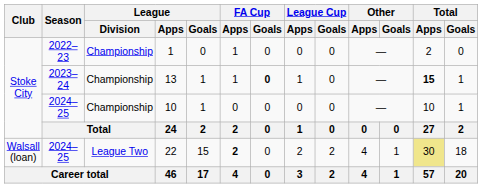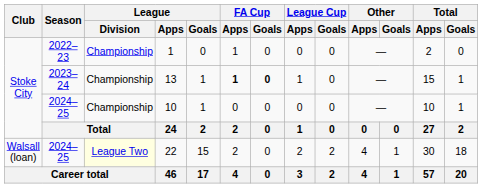 <table class="wikitable" style="text-align: center;">
 <tr>
 <th rowspan="2">Club</th>
 <th rowspan="2">Season</th>
 <th colspan="3">League</th>
 <th colspan="2"><a href='#'>FA Cup</a></th>
 <th colspan="2"><a href='#'>League Cup</a></th>
 <th colspan="2">Other</th>
 <th colspan="2">Total</th>
 </tr>
 <tr>
 <th>Division</th>
 <th>Apps</th>
 <th>Goals</th>
 <th>Apps</th>
 <th>Goals</th>
 <th>Apps</th>
 <th>Goals</th>
 <th>Apps</th>
 <th>Goals</th>
 <th>Apps</th>
 <th>Goals</th>
 </tr>
 <tr>
 <td rowspan=4><a href='#'>Stoke City</a></td>
 <td><a href='#'>2022–23</a></td>
 <td><a href='#'>Championship</a></td>
 <td>1</td>
 <td>0</td>
 <td>1</td>
 <td>0</td>
 <td>0</td>
 <td>0</td>
 <td colspan=2>—</td>
 <td>2</td>
 <td>0</td>
 </tr>
 <tr>
 <td><a href='#'>2023–24</a></td>
 <td>Championship</td>
 <td>13</td>
 <td>1</td>
-<td>1</td>
+<td><strong>1</strong></td>
 <td><strong>0</strong></td>
 <td>1</td>
 <td>0</td>
 <td colspan=2>—</td>
-<td><strong>15</strong></td>
+<td>15</td>
 <td>1</td>
 </tr>
 <tr>
 <td><a href='#'>2024–25</a></td>
 <td>Championship</td>
 <td>10</td>
 <td>1</td>
 <td>0</td>
 <td>0</td>
 <td>0</td>
 <td>0</td>
 <td colspan=2>—</td>
 <td>10</td>
 <td>1</td>
 </tr>
 <tr>
 <th colspan=2>Total</th>
 <th>24</th>
 <th>2</th>
 <th>2</th>
 <th>0</th>
 <th>1</th>
 <th>0</th>
 <th>0</th>
 <th>0</th>
 <th>27</th>
 <th>2</th>
 </tr>
 <tr>
 <td><a href='#'>Walsall</a> (loan)</td>
 <td><a href='#'>2024–25</a></td>
-<td><a href='#'>League Two</a></td>
+<td style="background: lightyellow;"><a href='#'>League Two</a></td>
 <td>22</td>
 <td>15</td>
-<td><strong>2</strong></td>
+<td>2</td>
 <td>0</td>
 <td>2</td>
 <td>2</td>
 <td>4</td>
 <td>1</td>
-<td style="background: khaki;">30</td>
+<td>30</td>
 <td>18</td>
 </tr>
 <tr>
 <th colspan="3">Career total</th>
 <th>46</th>
 <th>17</th>
 <th>4</th>
 <th>0</th>
 <th>3</th>
 <th>2</th>
 <th>4</th>
 <th>1</th>
 <th>57</th>
 <th>20</th>
 </tr>
 </table>
